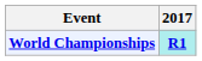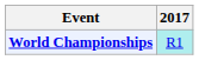 <table style='font-size: 90%; text-align:center;' class='wikitable'>
 <tr>
 <th>Event</th>
 <th>2017</th>
 </tr>
 <tr>
 <td bgcolor="#ECF2FF"; align="left"><strong><a href='#'>World Championships</a></strong></td>
-<td bgcolor=AFEEEE><strong><a href='#'>R1</a></strong></td>
+<td bgcolor=AFEEEE><a href='#'>R1</a></td>
 </tr>
 </table>
